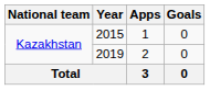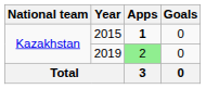 <table class=wikitable style="text-align: center">
 <tr>
 <th>National team</th>
 <th>Year</th>
 <th>Apps</th>
 <th>Goals</th>
 </tr>
 <tr>
 <td rowspan="2"><a href='#'>Kazakhstan</a></td>
 <td>2015</td>
-<td>1</td>
+<td><strong>1</strong></td>
 <td>0</td>
 </tr>
 <tr>
 <td>2019</td>
-<td>2</td>
+<td style="background: lightgreen;">2</td>
 <td>0</td>
 </tr>
 <tr>
 <th colspan="2">Total</th>
 <th>3</th>
 <th>0</th>
 </tr>
 </table>
